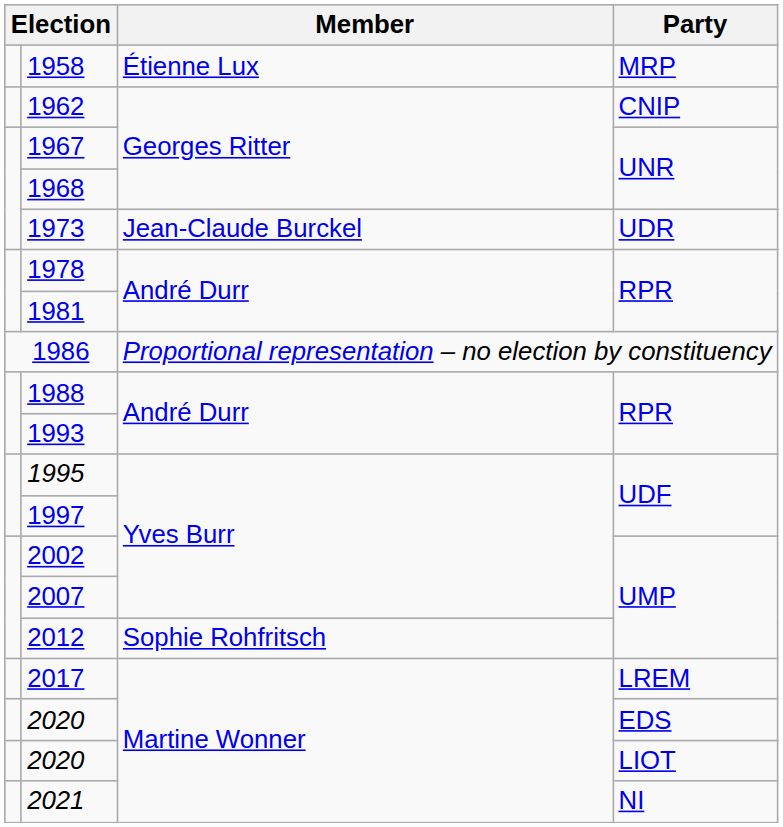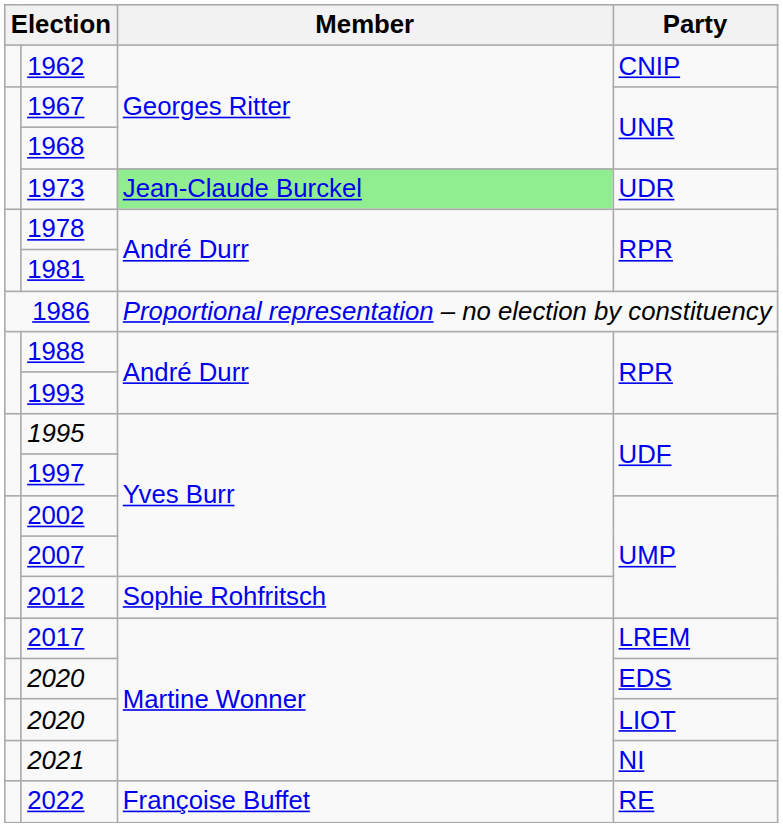 <table class="wikitable">
 <tr>
 <th colspan="2">Election</th>
 <th>Member</th>
 <th>Party</th>
-</tr>
-<tr>
-<td style="background-color: "></td>
-<td><a href='#'>1958</a></td>
-<td><a href='#'>Étienne Lux</a></td>
-<td><a href='#'>MRP</a></td>
 </tr>
 <tr>
 <td style="background-color: "></td>
 <td><a href='#'>1962</a></td>
 <td rowspan="3"><a href='#'>Georges Ritter</a></td>
 <td><a href='#'>CNIP</a></td>
 </tr>
 <tr>
 <td rowspan="3" style="background-color: "></td>
 <td><a href='#'>1967</a></td>
 <td rowspan="2"><a href='#'>UNR</a></td>
 </tr>
 <tr>
 <td><a href='#'>1968</a></td>
 </tr>
 <tr>
 <td><a href='#'>1973</a></td>
-<td><a href='#'>Jean-Claude Burckel</a></td>
+<td style="background: lightgreen;"><a href='#'>Jean-Claude Burckel</a></td>
 <td><a href='#'>UDR</a></td>
 </tr>
 <tr>
 <td rowspan="2" style="background-color: "></td>
 <td><a href='#'>1978</a></td>
 <td rowspan="2"><a href='#'>André Durr</a></td>
 <td rowspan="2"><a href='#'>RPR</a></td>
 </tr>
 <tr>
 <td><a href='#'>1981</a></td>
 </tr>
 <tr>
 <td colspan="2" align="center"><a href='#'>1986</a></td>
 <td colspan="2"><em><a href='#'>Proportional representation</a> – no election by constituency</em></td>
 </tr>
 <tr>
 <td rowspan="2" style="background-color: "></td>
 <td><a href='#'>1988</a></td>
 <td rowspan="2"><a href='#'>André Durr</a></td>
 <td rowspan="2"><a href='#'>RPR</a></td>
 </tr>
 <tr>
 <td><a href='#'>1993</a></td>
 </tr>
 <tr>
 <td rowspan="2" style="background-color: "></td>
 <td><em>1995</em></td>
 <td rowspan="4"><a href='#'>Yves Burr</a></td>
 <td rowspan="2"><a href='#'>UDF</a></td>
 </tr>
 <tr>
 <td><a href='#'>1997</a></td>
 </tr>
 <tr>
 <td rowspan="3" style="background-color: "></td>
 <td><a href='#'>2002</a></td>
 <td rowspan="3"><a href='#'>UMP</a></td>
 </tr>
 <tr>
 <td><a href='#'>2007</a></td>
 </tr>
 <tr>
 <td><a href='#'>2012</a></td>
 <td><a href='#'>Sophie Rohfritsch</a></td>
 </tr>
 <tr>
 <td style="background-color: "></td>
 <td><a href='#'>2017</a></td>
 <td rowspan="4"><a href='#'>Martine Wonner</a></td>
 <td><a href='#'>LREM</a></td>
 </tr>
 <tr>
 <td style="background-color: "></td>
 <td><em>2020</em></td>
 <td><a href='#'>EDS</a></td>
 </tr>
 <tr>
 <td style="background-color: "></td>
 <td><em>2020</em></td>
 <td><a href='#'>LIOT</a></td>
 </tr>
 <tr>
 <td style="background-color: "></td>
 <td><em>2021</em></td>
 <td><a href='#'>NI</a></td>
 </tr>
+<tr>
+<td style="background-color: "></td>
+<td><a href='#'>2022</a></td>
+<td><a href='#'>Françoise Buffet</a></td>
+<td><a href='#'>RE</a></td>
+</tr>
 </table>
